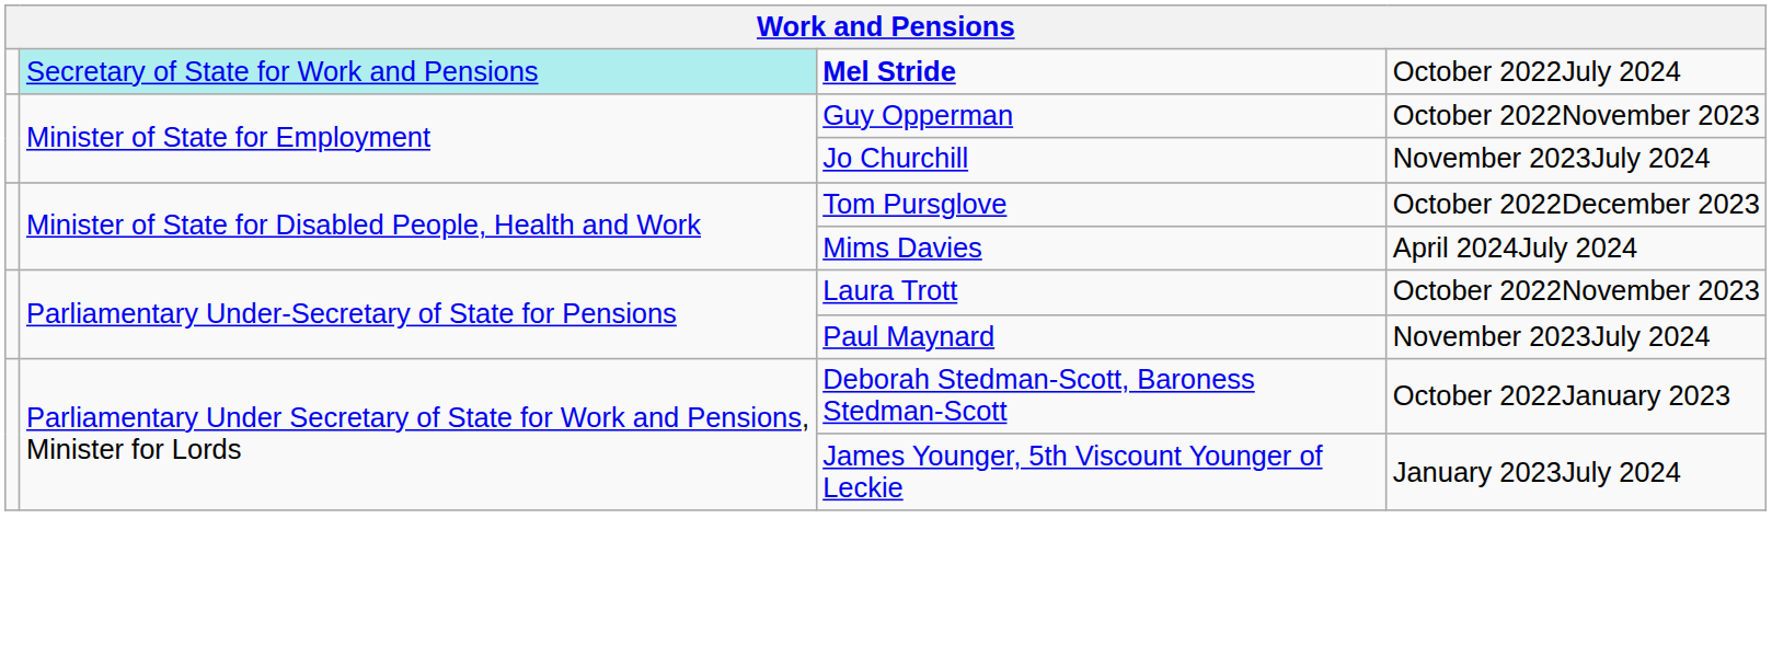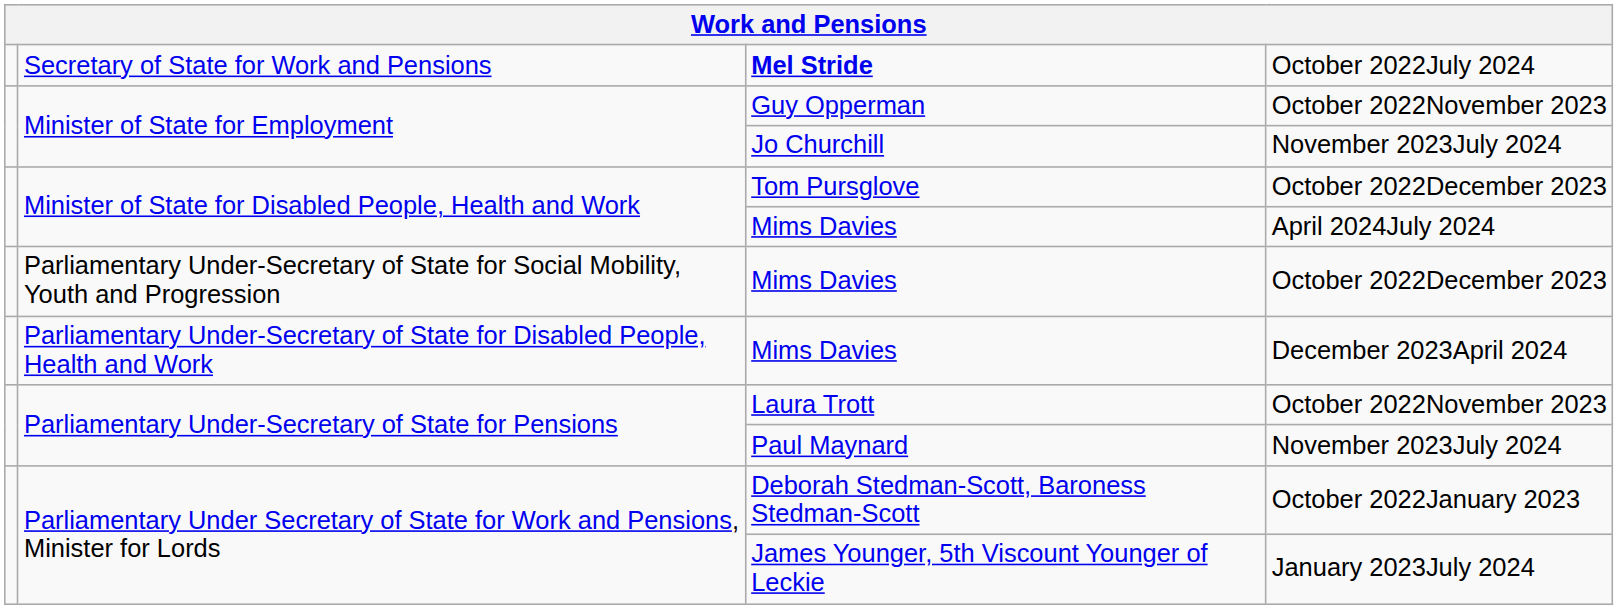 <table class="wikitable">
 <tr>
 <th colspan="4"><a href='#'>Work and Pensions</a></th>
 </tr>
 <tr>
 <td style="width: 1px; background: "></td>
-<td style="background: paleturquoise; width: 450px;"><a href='#'>Secretary of State for Work and Pensions</a></td>
+<td style="width: 450px;"><a href='#'>Secretary of State for Work and Pensions</a></td>
 <td><strong><a href='#'>Mel Stride</a></strong></td>
 <td>October 2022July 2024</td>
 </tr>
 <tr>
 <td rowspan="2" style="width: 1px; background: "></td>
 <td rowspan="2" style="width: 450px;"><a href='#'>Minister of State for Employment</a></td>
 <td style="width: 320px;"><a href='#'>Guy Opperman</a></td>
 <td>October 2022November 2023</td>
 </tr>
 <tr>
 <td style="width: 320px;"><a href='#'>Jo Churchill</a></td>
 <td>November 2023July 2024</td>
 </tr>
 <tr>
 <td rowspan="2" style="width: 1px; background: "></td>
 <td rowspan="2" style="width: 450px;"><a href='#'>Minister of State for Disabled People, Health and Work</a></td>
 <td style="width: 320px;"><a href='#'>Tom Pursglove</a></td>
 <td>October 2022December 2023</td>
 </tr>
 <tr>
 <td><a href='#'>Mims Davies</a></td>
 <td>April 2024July 2024</td>
 </tr>
 <tr>
+<td rowspan="1" style="width: 1px; background: "></td>
+<td rowspan="1">Parliamentary Under-Secretary of State for Social Mobility, Youth and Progression</td>
+<td><a href='#'>Mims Davies</a></td>
+<td>October 2022December 2023</td>
+</tr>
+<tr>
+<td rowspan="1" style="width: 1px; background: "></td>
+<td rowspan="1"><a href='#'>Parliamentary Under-Secretary of State for Disabled People, Health and Work</a></td>
+<td><a href='#'>Mims Davies</a></td>
+<td>December 2023April 2024</td>
+</tr>
+<tr>
 <td rowspan="2" style="width: 1px; background: "></td>
 <td rowspan="2"><a href='#'>Parliamentary Under-Secretary of State for Pensions</a></td>
 <td><a href='#'>Laura Trott</a></td>
 <td>October 2022November 2023</td>
 </tr>
 <tr>
 <td><a href='#'>Paul Maynard</a></td>
 <td>November 2023July 2024</td>
 </tr>
 <tr>
 <td rowspan="2" style="width: 1px; background: "></td>
 <td rowspan="2"><a href='#'>Parliamentary Under Secretary of State for Work and Pensions</a>, Minister for Lords</td>
 <td style="width: 320px;"><a href='#'>Deborah Stedman-Scott, Baroness Stedman-Scott</a></td>
 <td>October 2022January 2023</td>
 </tr>
 <tr>
 <td style="width: 320px;"><a href='#'>James Younger, 5th Viscount Younger of Leckie</a></td>
 <td>January 2023July 2024</td>
 </tr>
 </table>
